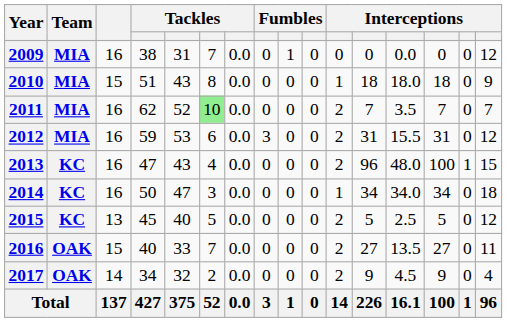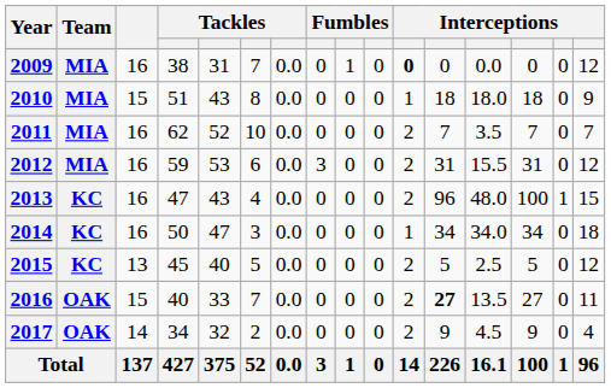 <table class="wikitable" style="text-align:center;">
 <tr>
 <th rowspan="2">Year</th>
 <th rowspan="2">Team</th>
 <th rowspan="2"></th>
 <th colspan="4">Tackles</th>
 <th colspan="3">Fumbles</th>
 <th colspan="6">Interceptions</th>
 </tr>
 <tr>
 <th></th>
 <th></th>
 <th></th>
 <th></th>
 <th></th>
 <th></th>
 <th></th>
 <th></th>
 <th></th>
 <th></th>
 <th></th>
 <th></th>
 <th></th>
 </tr>
 <tr>
 <th><a href='#'>2009</a></th>
 <th><a href='#'>MIA</a></th>
 <td>16</td>
 <td>38</td>
 <td>31</td>
 <td>7</td>
 <td>0.0</td>
 <td>0</td>
 <td>1</td>
 <td>0</td>
-<td>0</td>
+<td><strong>0</strong></td>
 <td>0</td>
 <td>0.0</td>
 <td>0</td>
 <td>0</td>
 <td>12</td>
 </tr>
 <tr>
 <th><a href='#'>2010</a></th>
 <th><a href='#'>MIA</a></th>
 <td>15</td>
 <td>51</td>
 <td>43</td>
 <td>8</td>
 <td>0.0</td>
 <td>0</td>
 <td>0</td>
 <td>0</td>
 <td>1</td>
 <td>18</td>
 <td>18.0</td>
 <td>18</td>
 <td>0</td>
 <td>9</td>
 </tr>
 <tr>
 <th><a href='#'>2011</a></th>
 <th><a href='#'>MIA</a></th>
 <td>16</td>
 <td>62</td>
 <td>52</td>
-<td style="background: lightgreen;">10</td>
+<td>10</td>
 <td>0.0</td>
 <td>0</td>
 <td>0</td>
 <td>0</td>
 <td>2</td>
 <td>7</td>
 <td>3.5</td>
 <td>7</td>
 <td>0</td>
 <td>7</td>
 </tr>
 <tr>
 <th><a href='#'>2012</a></th>
 <th><a href='#'>MIA</a></th>
 <td>16</td>
 <td>59</td>
 <td>53</td>
 <td>6</td>
 <td>0.0</td>
 <td>3</td>
 <td>0</td>
 <td>0</td>
 <td>2</td>
 <td>31</td>
 <td>15.5</td>
 <td>31</td>
 <td>0</td>
 <td>12</td>
 </tr>
 <tr>
 <th><a href='#'>2013</a></th>
 <th><a href='#'>KC</a></th>
 <td>16</td>
 <td>47</td>
 <td>43</td>
 <td>4</td>
 <td>0.0</td>
 <td>0</td>
 <td>0</td>
 <td>0</td>
 <td>2</td>
 <td>96</td>
 <td>48.0</td>
 <td>100</td>
 <td>1</td>
 <td>15</td>
 </tr>
 <tr>
 <th><a href='#'>2014</a></th>
 <th><a href='#'>KC</a></th>
 <td>16</td>
 <td>50</td>
 <td>47</td>
 <td>3</td>
 <td>0.0</td>
 <td>0</td>
 <td>0</td>
 <td>0</td>
 <td>1</td>
 <td>34</td>
 <td>34.0</td>
 <td>34</td>
 <td>0</td>
 <td>18</td>
 </tr>
 <tr>
 <th><a href='#'>2015</a></th>
 <th><a href='#'>KC</a></th>
 <td>13</td>
 <td>45</td>
 <td>40</td>
 <td>5</td>
 <td>0.0</td>
 <td>0</td>
 <td>0</td>
 <td>0</td>
 <td>2</td>
 <td>5</td>
 <td>2.5</td>
 <td>5</td>
 <td>0</td>
 <td>12</td>
 </tr>
 <tr>
 <th><a href='#'>2016</a></th>
 <th><a href='#'>OAK</a></th>
 <td>15</td>
 <td>40</td>
 <td>33</td>
 <td>7</td>
 <td>0.0</td>
 <td>0</td>
 <td>0</td>
 <td>0</td>
 <td>2</td>
-<td>27</td>
+<td><strong>27</strong></td>
 <td>13.5</td>
 <td>27</td>
 <td>0</td>
 <td>11</td>
 </tr>
 <tr>
 <th><a href='#'>2017</a></th>
 <th><a href='#'>OAK</a></th>
 <td>14</td>
 <td>34</td>
 <td>32</td>
 <td>2</td>
 <td>0.0</td>
 <td>0</td>
 <td>0</td>
 <td>0</td>
 <td>2</td>
 <td>9</td>
 <td>4.5</td>
 <td>9</td>
 <td>0</td>
 <td>4</td>
 </tr>
 <tr>
 <th colspan="2">Total</th>
 <th>137</th>
 <th>427</th>
 <th>375</th>
 <th>52</th>
 <th>0.0</th>
 <th>3</th>
 <th>1</th>
 <th>0</th>
 <th>14</th>
 <th>226</th>
 <th>16.1</th>
 <th>100</th>
 <th>1</th>
 <th>96</th>
 </tr>
 </table>
